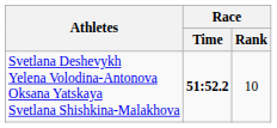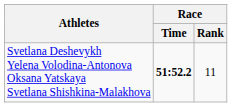 <table class="wikitable" border="1" style="font-size:90%">
 <tr>
 <th rowspan=2>Athletes</th>
 <th colspan=2>Race</th>
 </tr>
 <tr>
 <th>Time</th>
 <th>Rank</th>
 </tr>
 <tr>
 <td><a href='#'>Svetlana Deshevykh</a><br><a href='#'>Yelena Volodina-Antonova</a><br><a href='#'>Oksana Yatskaya</a><br><a href='#'>Svetlana Shishkina-Malakhova</a></td>
 <td align=center><strong>51:52.2</strong></td>
-<td align=center>10</td>
+<td align=center>11</td>
 </tr>
 </table>
